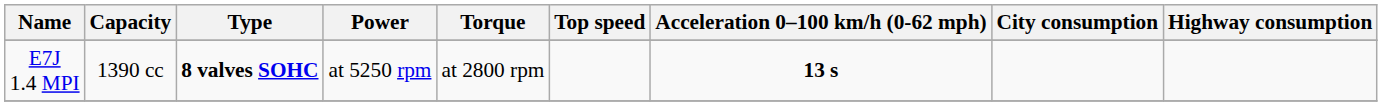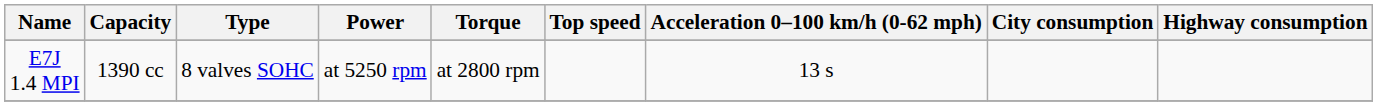 <table class="wikitable" style="text-align: center; font-size: 90%;">
 <tr style="background:#DCDCDC" align="center" valign="middle">
 <th>Name</th>
 <th>Capacity</th>
 <th>Type</th>
 <th>Power</th>
 <th>Torque</th>
 <th>Top speed</th>
 <th>Acceleration 0–100 km/h (0-62 mph)</th>
 <th>City consumption</th>
 <th>Highway consumption</th>
 </tr>
 <tr>
 </tr>
 <tr>
 <td><a href='#'>E7J</a><br>1.4 <a href='#'>MPI</a></td>
 <td>1390 cc</td>
-<td><strong>8 valves <a href='#'>SOHC</a></strong></td>
+<td>8 valves <a href='#'>SOHC</a></td>
 <td> at 5250 <a href='#'>rpm</a></td>
 <td> at 2800 rpm</td>
 <td></td>
-<td><strong>13 s</strong></td>
+<td>13 s</td>
 <td></td>
 <td></td>
 </tr>
 <tr>
 </tr>
 </table>
